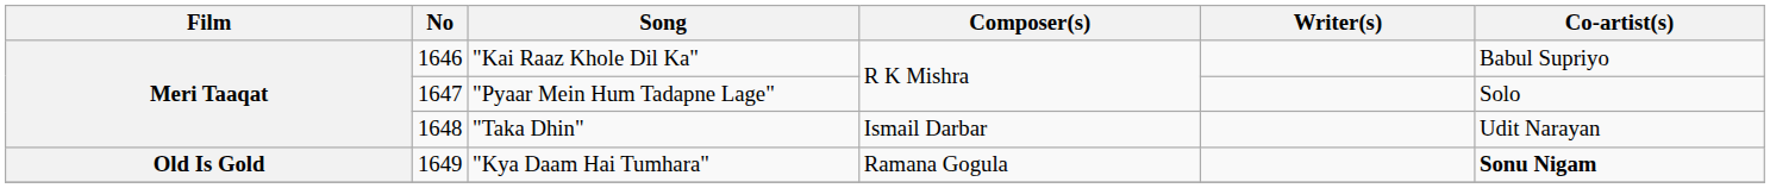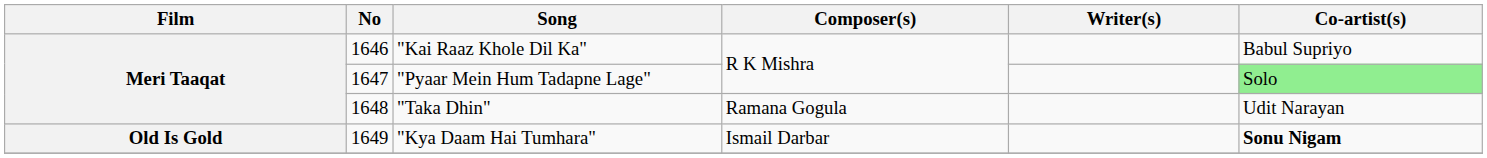 <table class="wikitable plainrowheaders" style="width:100%; textcolor:#000">
 <tr>
 <th scope="col" style="width:24%;">Film</th>
 <th>No</th>
 <th scope="col" style="width:23%;">Song</th>
 <th scope="col" style="width:20%;">Composer(s)</th>
 <th scope="col" style="width:16%;">Writer(s)</th>
 <th scope="col" style="width:18%;">Co-artist(s)</th>
 </tr>
 <tr>
 <th rowspan=3>Meri Taaqat</th>
 <td>1646</td>
 <td>"Kai Raaz Khole Dil Ka"</td>
 <td rowspan=2>R K Mishra</td>
 <td></td>
 <td>Babul Supriyo</td>
 </tr>
 <tr>
 <td>1647</td>
 <td>"Pyaar Mein Hum Tadapne Lage"</td>
 <td></td>
-<td>Solo</td>
+<td style="background: lightgreen;">Solo</td>
 </tr>
 <tr>
 <td>1648</td>
 <td>"Taka Dhin"</td>
-<td>Ismail Darbar</td>
+<td>Ramana Gogula</td>
 <td></td>
 <td>Udit Narayan</td>
 </tr>
 <tr>
 <th>Old Is Gold</th>
 <td>1649</td>
 <td>"Kya Daam Hai Tumhara"</td>
-<td>Ramana Gogula</td>
+<td>Ismail Darbar</td>
 <td></td>
 <td><strong>Sonu Nigam</strong></td>
 </tr>
 <tr>
 </tr>
 </table>
